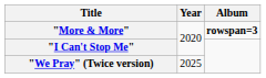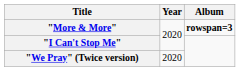 <table class="wikitable plainrowheaders" style="text-align:center">
 <tr>
 <th scope="col" style="width:15.5em">Title</th>
 <th scope="col" style="width:1em">Year</th>
 <th scope="col">Album</th>
 </tr>
 <tr>
 <th scope=row>"<a href='#'>More & More</a>"<br></th>
 <td rowspan=2>2020</td>
 <td><strong>rowspan=3 </strong></td>
 </tr>
 <tr>
 <th scope=row>"<a href='#'>I Can't Stop Me</a>"<br></th>
 </tr>
 <tr>
 <th scope=row>"<a href='#'>We Pray</a>" (Twice version)<br></th>
-<td>2025</td>
+<td>2020</td>
 </tr>
 </table>
